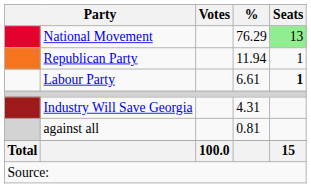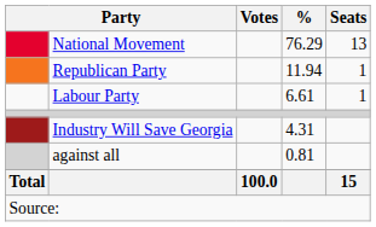 <table class="wikitable">
 <tr>
 <th colspan="2">Party</th>
 <th scope="col">Votes</th>
 <th scope="col">%</th>
 <th scope="col">Seats</th>
 </tr>
 <tr>
 <td style="background:#e4012e"></td>
 <td align=left><a href='#'>National Movement</a></td>
 <td></td>
 <td>76.29</td>
-<td align=right style="background: lightgreen;">13</td>
+<td align=right>13</td>
 </tr>
 <tr>
 <td style="background:#F6741E"></td>
 <td align=left><a href='#'>Republican Party</a></td>
 <td></td>
 <td>11.94</td>
 <td align=right>1</td>
 </tr>
 <tr>
 <td style="background:"></td>
 <td align=left><a href='#'>Labour Party</a></td>
 <td></td>
 <td>6.61</td>
-<td align=right><strong>1</strong></td>
+<td align=right>1</td>
 </tr>
 <tr>
 <td colspan=5 bgcolor=lightgrey></td>
 </tr>
 <tr>
 <td style="background:#9E1A1A"></td>
 <td align=left><a href='#'>Industry Will Save Georgia</a></td>
 <td></td>
 <td>4.31</td>
 <td align=right></td>
 </tr>
 <tr>
 <td style="background:#D3D3D3"></td>
 <td align=left>against all</td>
 <td></td>
 <td>0.81</td>
 <td align=right></td>
 </tr>
 <tr>
 </tr>
 <tr>
 <th colspan=1>Total</th>
 <th></th>
 <th>100.0</th>
 <th></th>
 <th>15</th>
 </tr>
 <tr>
 <td colspan=5>Source: </td>
 </tr>
 </table>
